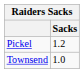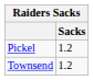 <table class="wikitable">
 <tr>
 <th colspan="2">Raiders Sacks</th>
 </tr>
 <tr>
 <th></th>
 <th>Sacks</th>
 </tr>
 <tr>
 <td><a href='#'>Pickel</a></td>
 <td>1.2</td>
 </tr>
 <tr>
 <td><a href='#'>Townsend</a></td>
-<td>1.0</td>
+<td>1.2</td>
 </tr>
 </table>
